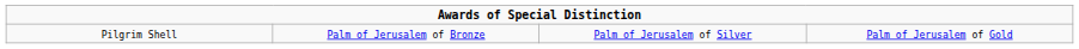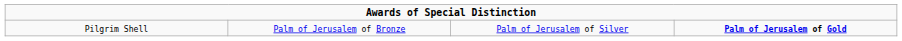 <table class="wikitable" style="margin:1em auto; width:60%;">
 <tr>
 <td colspan="4" style="text-align:center;"><strong>Awards of Special Distinction</strong></td>
 </tr>
 <tr>
 <td style="vertical-align:top; width:20%; text-align:center;"><small>Pilgrim Shell</small></td>
 <td style="vertical-align:top; width:20%; text-align:center;"><small><a href='#'>Palm of Jerusalem</a> of <a href='#'>Bronze</a></small></td>
 <td style="vertical-align:top; width:20%; text-align:center;"><small><a href='#'>Palm of Jerusalem</a> of <a href='#'>Silver</a></small></td>
-<td style="vertical-align:top; width:20%; text-align:center;"><small><a href='#'>Palm of Jerusalem</a> of <a href='#'>Gold</a></small></td>
+<td style="vertical-align:top; width:20%; text-align:center;"><strong><small><a href='#'>Palm of Jerusalem</a> of <a href='#'>Gold</a></small></strong></td>
 </tr>
 </table>
